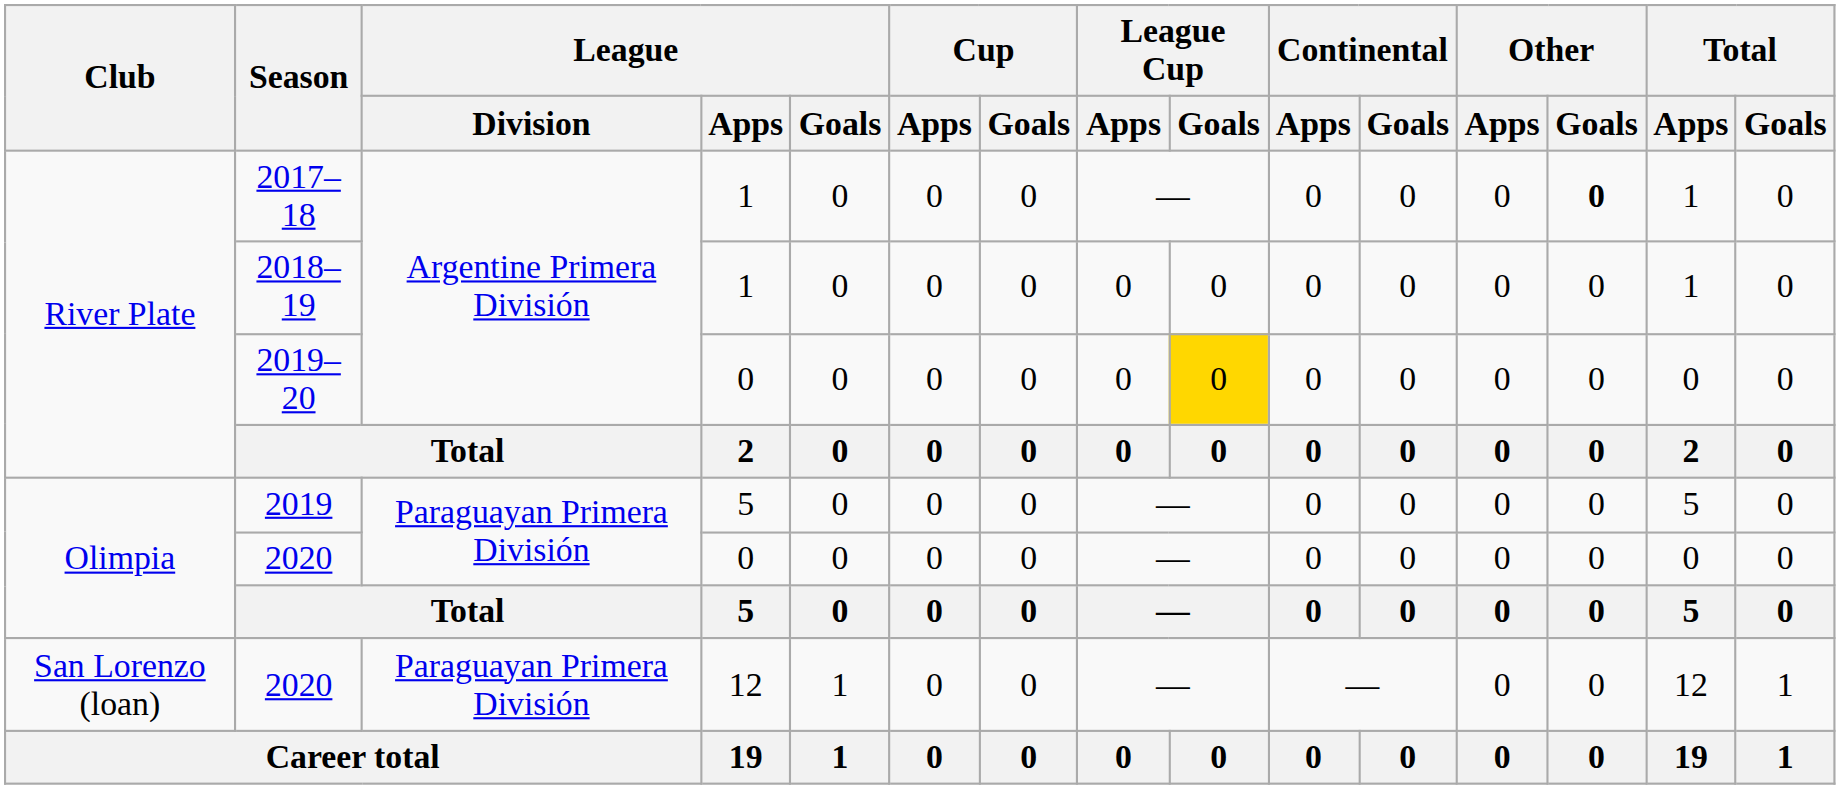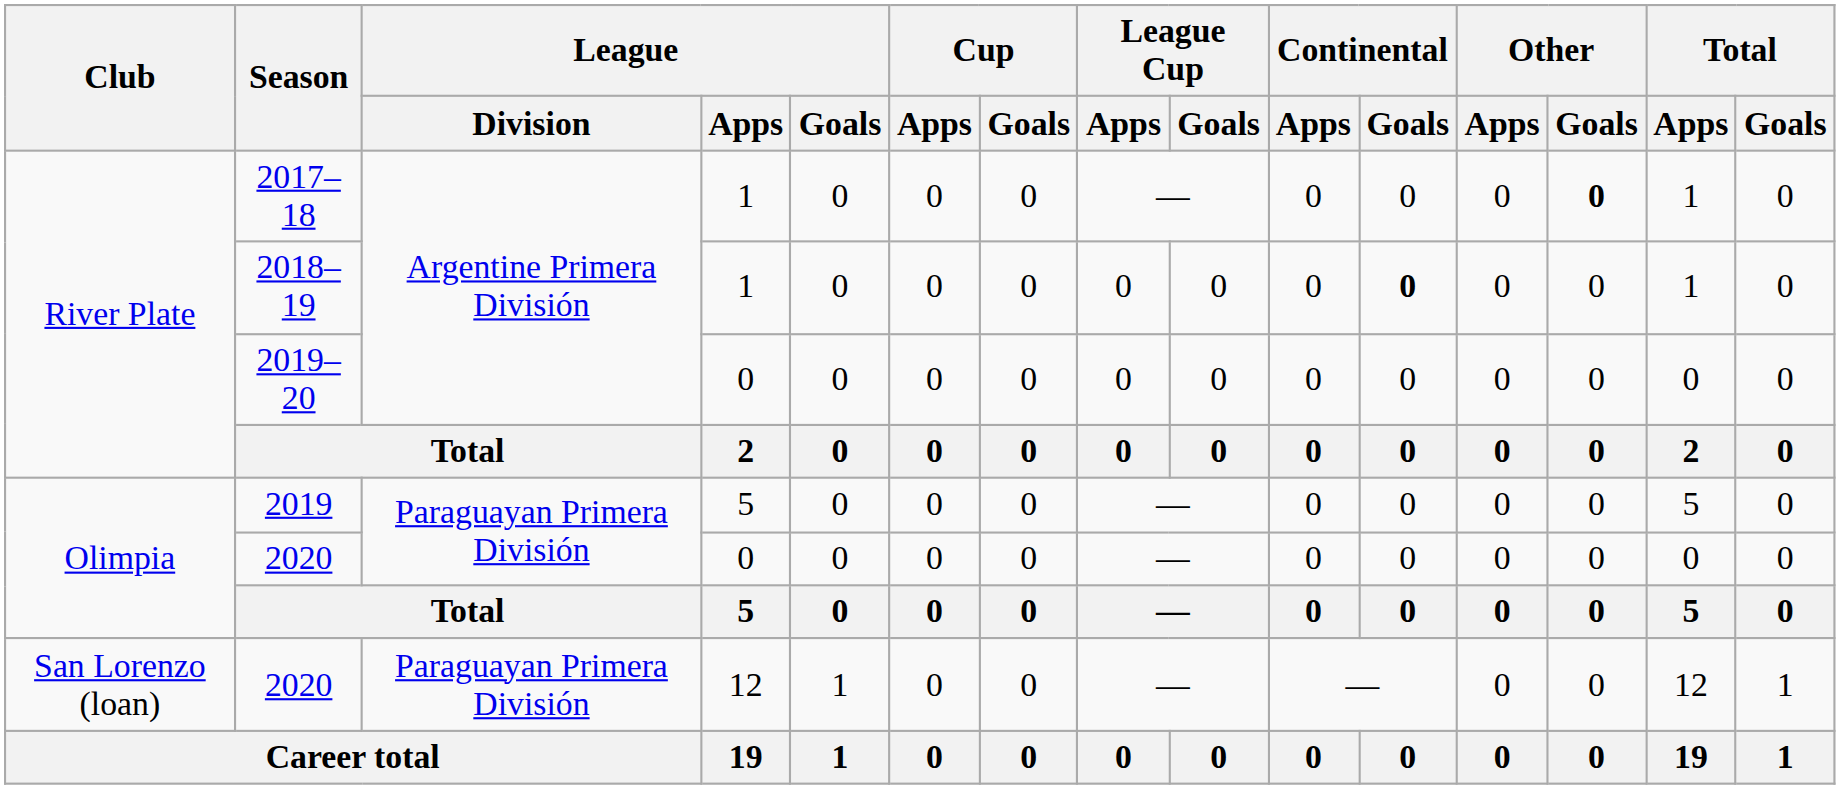 <table class="wikitable" style="text-align:center">
 <tr>
 <th rowspan="2">Club</th>
 <th rowspan="2">Season</th>
 <th colspan="3">League</th>
 <th colspan="2">Cup</th>
 <th colspan="2">League Cup</th>
 <th colspan="2">Continental</th>
 <th colspan="2">Other</th>
 <th colspan="2">Total</th>
 </tr>
 <tr>
 <th>Division</th>
 <th>Apps</th>
 <th>Goals</th>
 <th>Apps</th>
 <th>Goals</th>
 <th>Apps</th>
 <th>Goals</th>
 <th>Apps</th>
 <th>Goals</th>
 <th>Apps</th>
 <th>Goals</th>
 <th>Apps</th>
 <th>Goals</th>
 </tr>
 <tr>
 <td rowspan="4"><a href='#'>River Plate</a></td>
 <td><a href='#'>2017–18</a></td>
 <td rowspan="3"><a href='#'>Argentine Primera División</a></td>
 <td>1</td>
 <td>0</td>
 <td>0</td>
 <td>0</td>
 <td colspan="2">—</td>
 <td>0</td>
 <td>0</td>
 <td>0</td>
 <td><strong>0</strong></td>
 <td>1</td>
 <td>0</td>
 </tr>
 <tr>
 <td><a href='#'>2018–19</a></td>
 <td>1</td>
 <td>0</td>
 <td>0</td>
 <td>0</td>
 <td>0</td>
 <td>0</td>
 <td>0</td>
-<td>0</td>
+<td><strong>0</strong></td>
 <td>0</td>
 <td>0</td>
 <td>1</td>
 <td>0</td>
 </tr>
 <tr>
 <td><a href='#'>2019–20</a></td>
 <td>0</td>
 <td>0</td>
 <td>0</td>
 <td>0</td>
 <td>0</td>
-<td style="background: gold;">0</td>
+<td>0</td>
 <td>0</td>
 <td>0</td>
 <td>0</td>
 <td>0</td>
 <td>0</td>
 <td>0</td>
 </tr>
 <tr>
 <th colspan="2">Total</th>
 <th>2</th>
 <th>0</th>
 <th>0</th>
 <th>0</th>
 <th>0</th>
 <th>0</th>
 <th>0</th>
 <th>0</th>
 <th>0</th>
 <th>0</th>
 <th>2</th>
 <th>0</th>
 </tr>
 <tr>
 <td rowspan="3"><a href='#'>Olimpia</a></td>
 <td><a href='#'>2019</a></td>
 <td rowspan="2"><a href='#'>Paraguayan Primera División</a></td>
 <td>5</td>
 <td>0</td>
 <td>0</td>
 <td>0</td>
 <td colspan="2">—</td>
 <td>0</td>
 <td>0</td>
 <td>0</td>
 <td>0</td>
 <td>5</td>
 <td>0</td>
 </tr>
 <tr>
 <td><a href='#'>2020</a></td>
 <td>0</td>
 <td>0</td>
 <td>0</td>
 <td>0</td>
 <td colspan="2">—</td>
 <td>0</td>
 <td>0</td>
 <td>0</td>
 <td>0</td>
 <td>0</td>
 <td>0</td>
 </tr>
 <tr>
 <th colspan="2">Total</th>
 <th>5</th>
 <th>0</th>
 <th>0</th>
 <th>0</th>
 <th colspan="2">—</th>
 <th>0</th>
 <th>0</th>
 <th>0</th>
 <th>0</th>
 <th>5</th>
 <th>0</th>
 </tr>
 <tr>
 <td rowspan="1"><a href='#'>San Lorenzo</a> (loan)</td>
 <td><a href='#'>2020</a></td>
 <td rowspan="1"><a href='#'>Paraguayan Primera División</a></td>
 <td>12</td>
 <td>1</td>
 <td>0</td>
 <td>0</td>
 <td colspan="2">—</td>
 <td colspan="2">—</td>
 <td>0</td>
 <td>0</td>
 <td>12</td>
 <td>1</td>
 </tr>
 <tr>
 <th colspan="3">Career total</th>
 <th>19</th>
 <th>1</th>
 <th>0</th>
 <th>0</th>
 <th>0</th>
 <th>0</th>
 <th>0</th>
 <th>0</th>
 <th>0</th>
 <th>0</th>
 <th>19</th>
 <th>1</th>
 </tr>
 </table>
